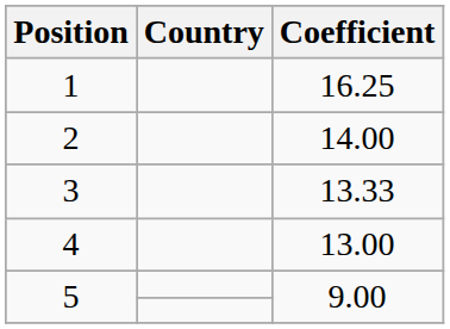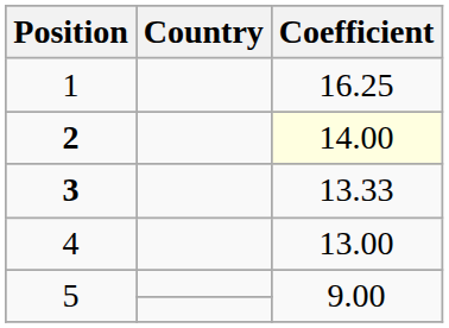 <table class="wikitable sortable" style="text-align: center;">
 <tr>
 <th align="center">Position</th>
 <th align="center">Country</th>
 <th align="center">Coefficient</th>
 </tr>
 <tr>
 <td>1</td>
 <td align="left"></td>
 <td>16.25</td>
 </tr>
 <tr>
-<td>2</td>
+<td><strong>2</strong></td>
 <td align="left"></td>
-<td>14.00</td>
+<td style="background: lightyellow;">14.00</td>
 </tr>
 <tr>
-<td>3</td>
+<td><strong>3</strong></td>
 <td align="left"></td>
 <td>13.33</td>
 </tr>
 <tr>
 <td>4</td>
 <td align="left"></td>
 <td>13.00</td>
 </tr>
 <tr>
 <td rowspan="2">5</td>
 <td align="left"></td>
 <td rowspan="2">9.00</td>
 </tr>
 <tr>
 <td align="left"></td>
 </tr>
 </table>
